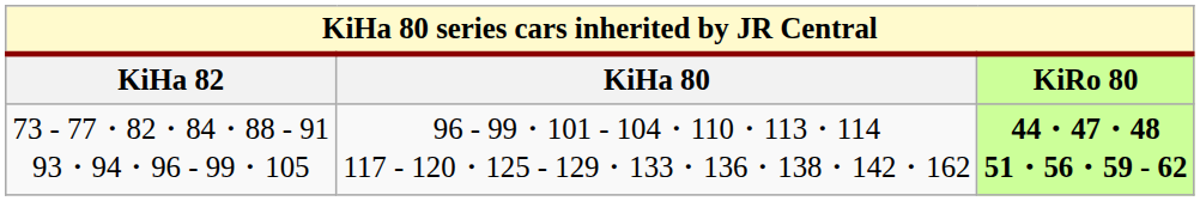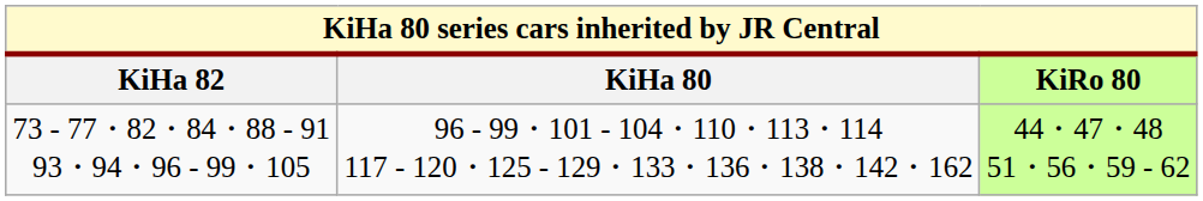 <table class="wikitable" style="text-align:center; margin:0em 0em 1em 0em;">
 <tr>
 <th colspan="3" style="background:#FFFACD;">KiHa 80 series cars inherited by JR Central</th>
 </tr>
 <tr style="border-top:solid 3px #8B0000;">
 <th>KiHa 82</th>
 <th>KiHa 80</th>
 <th style="background-color:#cf9;">KiRo 80</th>
 </tr>
 <tr>
 <td>73 - 77・82・84・88 - 91<br>93・94・96 - 99・105</td>
 <td>96 - 99・101 - 104・110・113・114<br>117 - 120・125 - 129・133・136・138・142・162</td>
-<td style="background-color:#cf9;"><strong>44・47・48<br>51・56・59 - 62</strong></td>
+<td style="background-color:#cf9;">44・47・48<br>51・56・59 - 62</td>
 </tr>
 </table>
